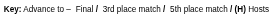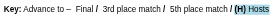 <table style="font-size: 85%;">
 <tr>
 <td height=5></td>
 </tr>
 <tr>
 <td><strong>Key:</strong> Advance to –</td>
 <td></td>
 <td>Final <strong>/</strong></td>
 <td></td>
 <td>3rd place match <strong>/</strong></td>
 <td></td>
 <td>5th place match <strong>/</strong></td>
-<td><strong>(H)</strong> Hosts</td>
+<td style="background: lightblue;"><strong>(H)</strong> Hosts</td>
 </tr>
 </table>
